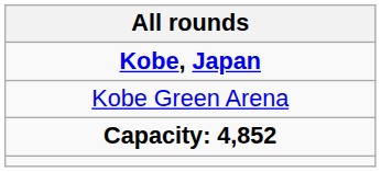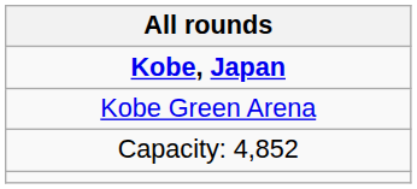 <table class=wikitable style=text-align:center width=250>
 <tr>
 <th>All rounds</th>
 </tr>
 <tr>
 <td><strong> <a href='#'>Kobe</a>, <a href='#'>Japan</a></strong></td>
 </tr>
 <tr>
 <td><a href='#'>Kobe Green Arena</a></td>
 </tr>
 <tr>
-<td><strong>Capacity: 4,852</strong></td>
+<td>Capacity: 4,852</td>
 </tr>
 <tr>
 <td></td>
 </tr>
 </table>
